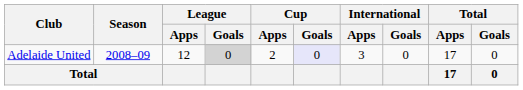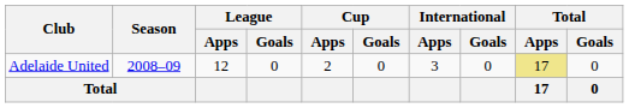 <table class="wikitable" style="text-align: center;">
 <tr>
 <th rowspan="2">Club</th>
 <th rowspan="2" width="80">Season</th>
 <th colspan="2" width="105">League</th>
 <th colspan="2" width="105">Cup</th>
 <th colspan="2" width="105">International</th>
 <th colspan="2" width="105">Total</th>
 </tr>
 <tr>
 <th>Apps</th>
 <th>Goals</th>
 <th>Apps</th>
 <th>Goals</th>
 <th>Apps</th>
 <th>Goals</th>
 <th>Apps</th>
 <th>Goals</th>
 </tr>
 <tr>
 <td rowspan="1" valign="center"><a href='#'>Adelaide United</a></td>
 <td><a href='#'>2008–09</a></td>
 <td>12</td>
-<td style="background: lightgrey;">0</td>
+<td>0</td>
 <td>2</td>
-<td style="background: lavender;">0</td>
+<td>0</td>
 <td>3</td>
 <td>0</td>
-<td>17</td>
+<td style="background: khaki;">17</td>
 <td>0</td>
 </tr>
 <tr>
 <th colspan="2">Total</th>
 <th></th>
 <th></th>
 <th></th>
 <th></th>
 <th></th>
 <th></th>
 <th>17</th>
 <th>0</th>
 </tr>
 </table>
